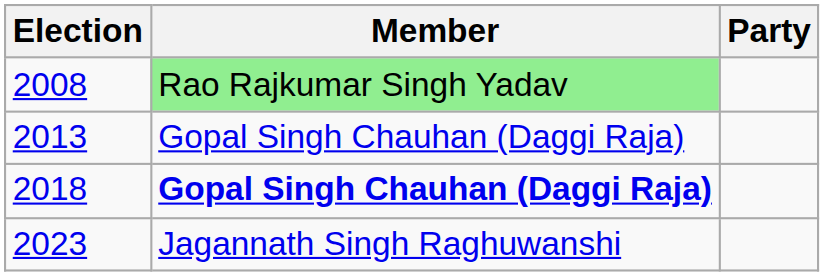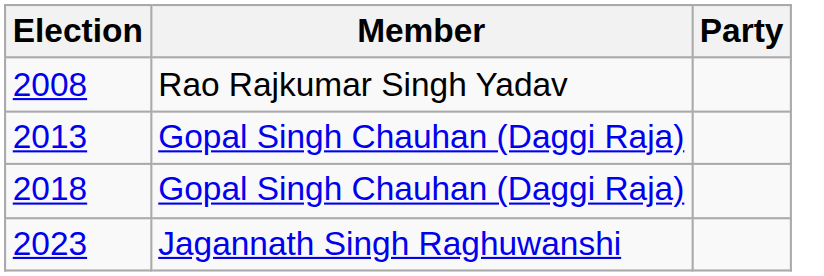 <table class="wikitable sortable">
 <tr>
 <th>Election</th>
 <th>Member </th>
 <th colspan="2">Party</th>
 </tr>
 <tr>
 <td><a href='#'>2008</a></td>
-<td style="background: lightgreen;">Rao Rajkumar Singh Yadav</td>
+<td>Rao Rajkumar Singh Yadav</td>
 <td></td>
 </tr>
 <tr>
 <td><a href='#'>2013</a></td>
 <td><a href='#'>Gopal Singh Chauhan (Daggi Raja)</a></td>
 <td></td>
 </tr>
 <tr>
 <td><a href='#'>2018</a></td>
-<td><strong><a href='#'>Gopal Singh Chauhan (Daggi Raja)</a></strong></td>
+<td><a href='#'>Gopal Singh Chauhan (Daggi Raja)</a></td>
 </tr>
 <tr>
 <td><a href='#'>2023</a></td>
 <td><a href='#'>Jagannath Singh Raghuwanshi</a></td>
 <td></td>
 </tr>
 </table>
